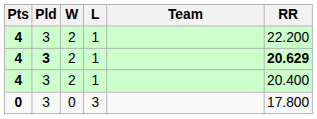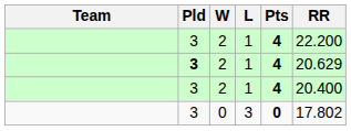 <table class="wikitable" border="1" style="text-align:center;">
 <tr>
-<th width=20 abbr="Points">Pts</th>
+<th width=175>Team</th>
 <th width=20 abbr="Played">Pld</th>
 <th width=20 abbr="Won">W</th>
 <th width=20 abbr="Lost">L</th>
-<th width=175>Team</th>
+<th width=20 abbr="Points">Pts</th>
 <th width=20 abbr="Run rate">RR</th>
 </tr>
 <tr style="background:#ccffcc;">
-<td><strong>4</strong></td>
+<td style="text-align:left;"></td>
 <td>3</td>
 <td>2</td>
 <td>1</td>
-<td style="text-align:left;"></td>
+<td><strong>4</strong></td>
 <td>22.200</td>
 </tr>
 <tr style="background:#ccffcc;">
-<td><strong>4</strong></td>
+<td style="text-align:left;"></td>
 <td><strong>3</strong></td>
 <td>2</td>
 <td>1</td>
-<td style="text-align:left;"></td>
-<td><strong>20.629</strong></td>
+<td><strong>4</strong></td>
+<td>20.629</td>
 </tr>
 <tr style="background:#ccffcc;">
-<td><strong>4</strong></td>
+<td style="text-align:left;"></td>
 <td>3</td>
 <td>2</td>
 <td>1</td>
-<td style="text-align:left;"></td>
+<td><strong>4</strong></td>
 <td>20.400</td>
 </tr>
 <tr style="background:#f9f9f9;">
-<td><strong>0</strong></td>
+<td style="text-align:left;"></td>
 <td>3</td>
 <td>0</td>
 <td>3</td>
-<td style="text-align:left;"></td>
-<td>17.800</td>
+<td><strong>0</strong></td>
+<td>17.802</td>
 </tr>
 </table>
